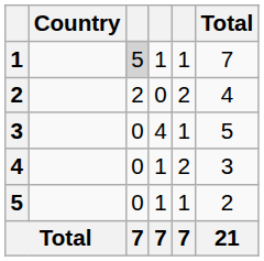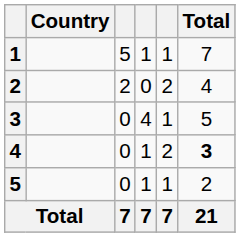 <table class="wikitable plainrowheaders" style="font-size:90%;">
 <tr>
 <th></th>
 <th>Country</th>
 <th></th>
 <th></th>
 <th></th>
 <th>Total</th>
 </tr>
 <tr>
 <th>1</th>
 <td align=left></td>
-<td align="center" style="background: lightgrey;">5</td>
+<td align="center">5</td>
 <td align="center">1</td>
 <td align="center">1</td>
 <td align=center>7</td>
 </tr>
 <tr>
 <th>2</th>
 <td align=left></td>
 <td align=center>2</td>
 <td align="center">0</td>
 <td align="center">2</td>
 <td align="center">4</td>
 </tr>
 <tr>
 <th>3</th>
 <td align=left></td>
 <td align="center">0</td>
 <td align="center">4</td>
 <td align="center">1</td>
 <td align="center">5</td>
 </tr>
 <tr>
 <th>4</th>
 <td align=left></td>
 <td align=center>0</td>
 <td align=center>1</td>
 <td align=center>2</td>
-<td align=center>3</td>
+<td align=center><strong>3</strong></td>
 </tr>
 <tr>
 <th>5</th>
 <td align=left></td>
 <td align=center>0</td>
 <td align=center>1</td>
 <td align=center>1</td>
 <td align=center>2</td>
 </tr>
 <tr>
 <th colspan=2><strong>Total</strong></th>
 <th><strong>7</strong></th>
 <th><strong>7</strong></th>
 <th><strong>7</strong></th>
 <th><strong>21</strong></th>
 </tr>
 </table>
